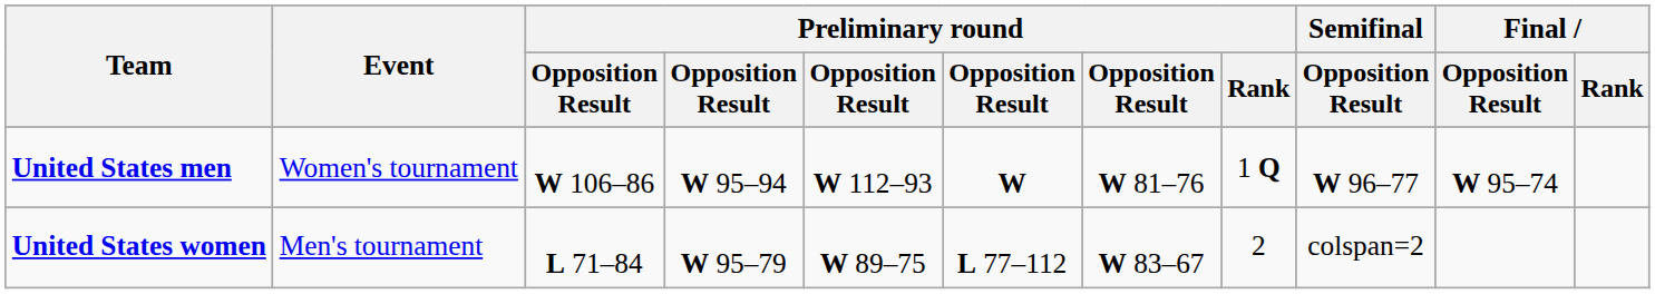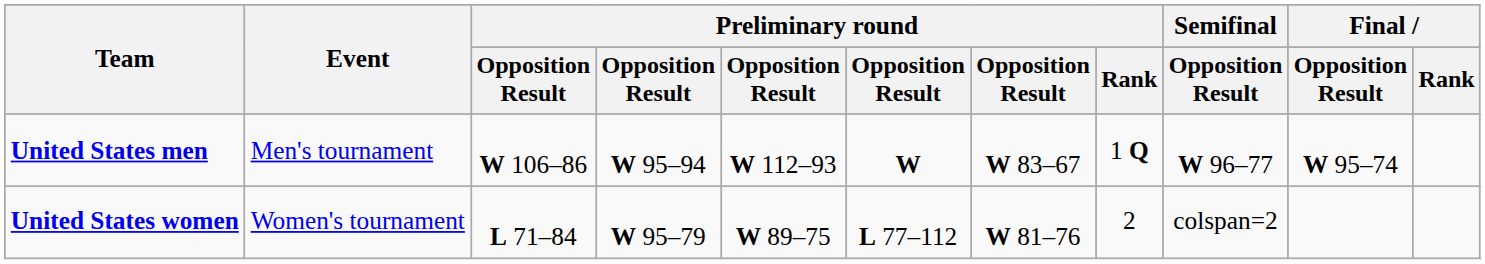 <table class=wikitable style=font-size:90%;text-align:center>
 <tr>
 <th rowspan=2>Team</th>
 <th rowspan=2>Event</th>
 <th colspan=6>Preliminary round</th>
 <th>Semifinal</th>
 <th colspan=2>Final / </th>
 </tr>
 <tr style=font-size:95%>
 <th>Opposition<br>Result</th>
 <th>Opposition<br>Result</th>
 <th>Opposition<br>Result</th>
 <th>Opposition<br>Result</th>
 <th>Opposition<br>Result</th>
 <th>Rank</th>
 <th>Opposition<br>Result</th>
 <th>Opposition<br>Result</th>
 <th>Rank</th>
 </tr>
 <tr>
 <td align=left><strong><a href='#'>United States men</a></strong></td>
-<td align=left><a href='#'>Women's tournament</a></td>
+<td align=left><a href='#'>Men's tournament</a></td>
 <td><br><strong>W</strong> 106–86</td>
 <td><br><strong>W</strong> 95–94</td>
 <td><br><strong>W</strong> 112–93</td>
 <td><br><strong>W</strong> </td>
-<td><br><strong>W</strong> 81–76</td>
+<td><br><strong>W</strong> 83–67</td>
 <td>1 <strong>Q</strong></td>
 <td><br><strong>W</strong> 96–77</td>
 <td><br><strong>W</strong> 95–74</td>
 <td></td>
 </tr>
 <tr>
 <td align=left><strong><a href='#'>United States women</a></strong></td>
-<td align=left><a href='#'>Men's tournament</a></td>
+<td align=left><a href='#'>Women's tournament</a></td>
 <td><br><strong>L</strong> 71–84</td>
 <td><br><strong>W</strong> 95–79</td>
 <td><br><strong>W</strong> 89–75</td>
 <td><br><strong>L</strong> 77–112</td>
-<td><br><strong>W</strong> 83–67</td>
+<td><br><strong>W</strong> 81–76</td>
 <td>2</td>
 <td>colspan=2 </td>
 <td></td>
 </tr>
 </table>
